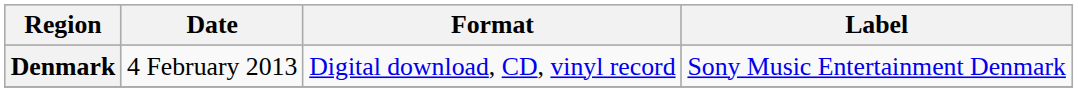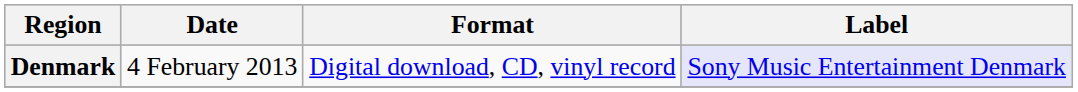 <table class="wikitable plainrowheaders">
 <tr>
 <th scope="col">Region</th>
 <th scope="col">Date</th>
 <th scope="col">Format</th>
 <th scope="col">Label</th>
 </tr>
 <tr>
 <th scope="row">Denmark</th>
 <td>4 February 2013</td>
 <td><a href='#'>Digital download</a>, <a href='#'>CD</a>, <a href='#'>vinyl record</a></td>
-<td><a href='#'>Sony Music Entertainment Denmark</a></td>
+<td style="background: lavender;"><a href='#'>Sony Music Entertainment Denmark</a></td>
 </tr>
 <tr>
 </tr>
 </table>
